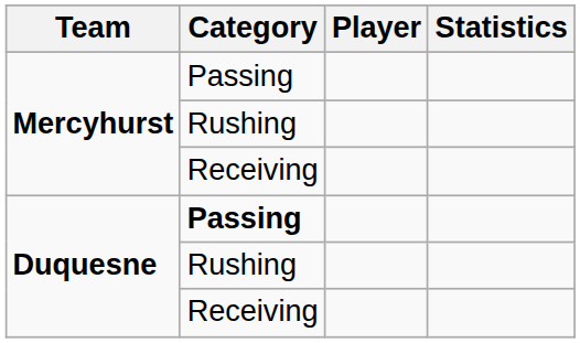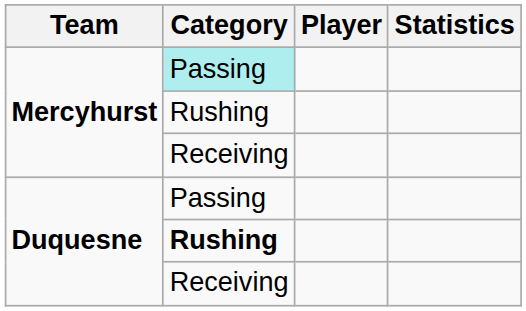 <table class="wikitable" style="float: right;">
 <tr>
 <th>Team</th>
 <th>Category</th>
 <th>Player</th>
 <th>Statistics</th>
 </tr>
 <tr>
 <td rowspan=3><strong>Mercyhurst</strong></td>
-<td>Passing</td>
+<td style="background: paleturquoise;">Passing</td>
 <td></td>
 <td></td>
 </tr>
 <tr>
 <td>Rushing</td>
 <td></td>
 <td></td>
 </tr>
 <tr>
 <td>Receiving</td>
 <td></td>
 <td></td>
 </tr>
 <tr>
 <td rowspan=3><strong>Duquesne</strong></td>
-<td><strong>Passing</strong></td>
+<td>Passing</td>
 <td></td>
 <td></td>
 </tr>
 <tr>
-<td>Rushing</td>
+<td><strong>Rushing</strong></td>
 <td></td>
 <td></td>
 </tr>
 <tr>
 <td>Receiving</td>
 <td></td>
 <td></td>
 </tr>
 </table>
